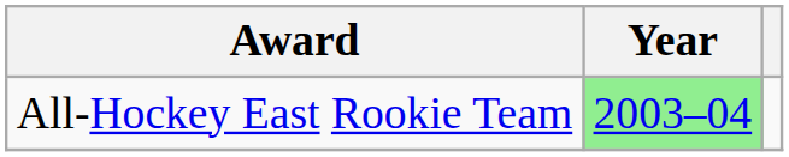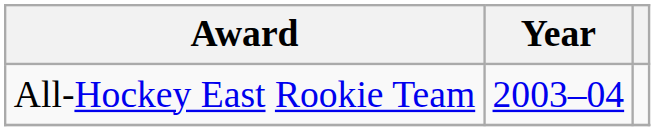 <table class="wikitable">
 <tr>
 <th>Award</th>
 <th>Year</th>
 <th></th>
 </tr>
 <tr>
 <td>All-<a href='#'>Hockey East</a> <a href='#'>Rookie Team</a></td>
-<td style="background: lightgreen;"><a href='#'>2003–04</a></td>
+<td><a href='#'>2003–04</a></td>
 <td></td>
 </tr>
 <tr>
 </tr>
 </table>
